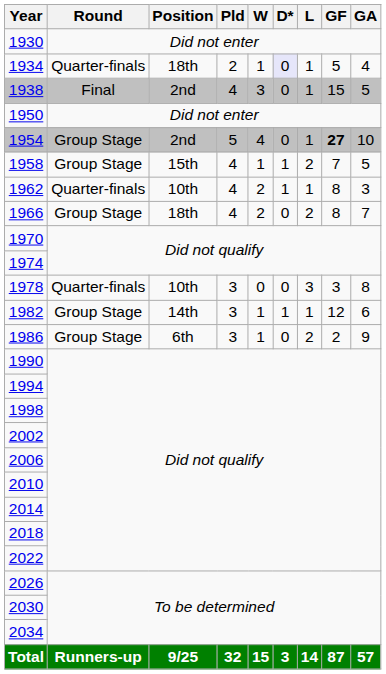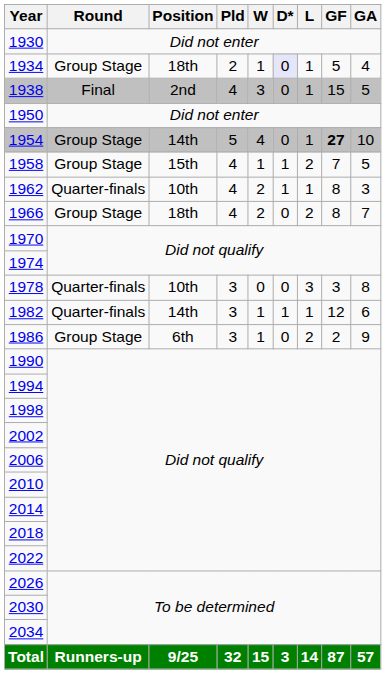 <table class="wikitable sortable" style="text-align: center;">
 <tr>
 <th>Year</th>
 <th>Round</th>
 <th>Position</th>
 <th>Pld</th>
 <th>W</th>
 <th>D*</th>
 <th>L</th>
 <th>GF</th>
 <th>GA</th>
 </tr>
 <tr>
 <td> <a href='#'>1930</a></td>
 <td colspan=8><em>Did not enter</em></td>
 </tr>
 <tr>
 <td> <a href='#'>1934</a></td>
-<td>Quarter-finals</td>
+<td>Group Stage</td>
 <td>18th</td>
 <td>2</td>
 <td>1</td>
 <td style="background: lavender;">0</td>
 <td>1</td>
 <td>5</td>
 <td>4</td>
 </tr>
 <tr bgcolor=silver>
 <td> <a href='#'>1938</a></td>
 <td>Final</td>
 <td>2nd</td>
 <td>4</td>
 <td>3</td>
 <td>0</td>
 <td>1</td>
 <td>15</td>
 <td>5</td>
 </tr>
 <tr>
 <td> <a href='#'>1950</a></td>
 <td rowspan=1 colspan=8><em>Did not enter</em></td>
 </tr>
 <tr bgcolor=silver>
 <td> <a href='#'>1954</a></td>
 <td>Group Stage</td>
-<td>2nd</td>
+<td>14th</td>
 <td>5</td>
 <td>4</td>
 <td>0</td>
 <td>1</td>
 <td><strong>27</strong></td>
 <td>10</td>
 </tr>
 <tr>
 <td> <a href='#'>1958</a></td>
 <td>Group Stage</td>
 <td>15th</td>
 <td>4</td>
 <td>1</td>
 <td>1</td>
 <td>2</td>
 <td>7</td>
 <td>5</td>
 </tr>
 <tr>
 <td> <a href='#'>1962</a></td>
 <td>Quarter-finals</td>
 <td>10th</td>
 <td>4</td>
 <td>2</td>
 <td>1</td>
 <td>1</td>
 <td>8</td>
 <td>3</td>
 </tr>
 <tr>
 <td> <a href='#'>1966</a></td>
 <td>Group Stage</td>
 <td>18th</td>
 <td>4</td>
 <td>2</td>
 <td>0</td>
 <td>2</td>
 <td>8</td>
 <td>7</td>
 </tr>
 <tr>
 <td> <a href='#'>1970</a></td>
 <td rowspan=2 colspan=8><em>Did not qualify</em></td>
 </tr>
 <tr>
 <td> <a href='#'>1974</a></td>
 </tr>
 <tr>
 <td> <a href='#'>1978</a></td>
 <td>Quarter-finals</td>
 <td>10th</td>
 <td>3</td>
 <td>0</td>
 <td>0</td>
 <td>3</td>
 <td>3</td>
 <td>8</td>
 </tr>
 <tr>
 <td> <a href='#'>1982</a></td>
-<td>Group Stage</td>
+<td>Quarter-finals</td>
 <td>14th</td>
 <td>3</td>
 <td>1</td>
 <td>1</td>
 <td>1</td>
 <td>12</td>
 <td>6</td>
 </tr>
 <tr>
 <td> <a href='#'>1986</a></td>
 <td>Group Stage</td>
 <td>6th</td>
 <td>3</td>
 <td>1</td>
 <td>0</td>
 <td>2</td>
 <td>2</td>
 <td>9</td>
 </tr>
 <tr>
 <td> <a href='#'>1990</a></td>
 <td rowspan=9 colspan=10><em>Did not qualify</em></td>
 </tr>
 <tr>
 <td> <a href='#'>1994</a></td>
 </tr>
 <tr>
 <td> <a href='#'>1998</a></td>
 </tr>
 <tr>
 <td>  <a href='#'>2002</a></td>
 </tr>
 <tr>
 <td> <a href='#'>2006</a></td>
 </tr>
 <tr>
 <td> <a href='#'>2010</a></td>
 </tr>
 <tr>
 <td> <a href='#'>2014</a></td>
 </tr>
 <tr>
 <td> <a href='#'>2018</a></td>
 </tr>
 <tr>
 <td> <a href='#'>2022</a></td>
 </tr>
 <tr>
 <td>   <a href='#'>2026</a></td>
 <td colspan=9 rowspan=3><em>To be determined</em></td>
 </tr>
 <tr>
 <td>   <a href='#'>2030</a></td>
 </tr>
 <tr>
 <td> <a href='#'>2034</a></td>
 </tr>
 <tr>
 <th style="background:green; color:white; "><strong>Total</strong></th>
 <th style="background:green; color:white; ">Runners-up</th>
 <th style="background:green; color:white; ">9/25</th>
 <th style="background:green; color:white; ">32</th>
 <th style="background:green; color:white; ">15</th>
 <th style="background:green; color:white; ">3</th>
 <th style="background:green; color:white; ">14</th>
 <th style="background:green; color:white; ">87</th>
 <th style="background:green; color:white; ">57</th>
 </tr>
 </table>
